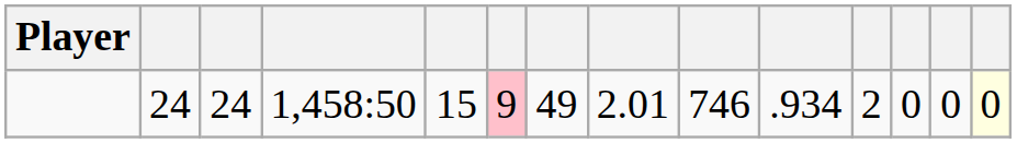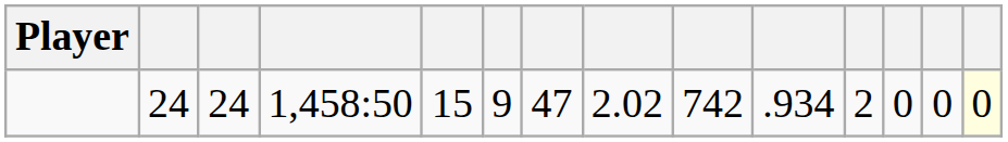 <table class="wikitable sortable" style=" text-align:center;">
 <tr>
 <th>Player</th>
 <th></th>
 <th></th>
 <th></th>
 <th></th>
 <th></th>
 <th></th>
 <th></th>
 <th></th>
 <th></th>
 <th></th>
 <th></th>
 <th></th>
 <th></th>
 </tr>
 <tr>
 <td></td>
 <td>24</td>
 <td>24</td>
 <td>1,458:50</td>
 <td>15</td>
-<td style="background: pink;">9</td>
-<td>49</td>
-<td>2.01</td>
-<td>746</td>
+<td>9</td>
+<td>47</td>
+<td>2.02</td>
+<td>742</td>
 <td>.934</td>
 <td>2</td>
 <td>0</td>
 <td>0</td>
 <td style="background: lightyellow;">0</td>
 </tr>
 </table>
